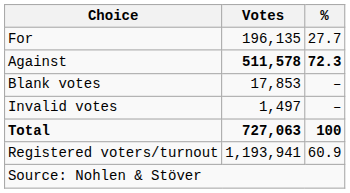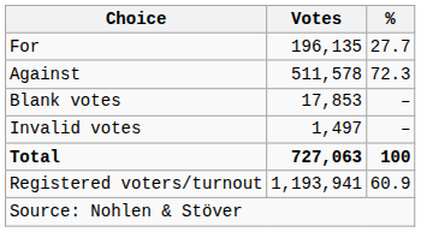 <table class=wikitable style=text-align:right>
 <tr>
 <th>Choice</th>
 <th>Votes</th>
 <th>%</th>
 </tr>
 <tr>
 <td align=left>For</td>
 <td>196,135</td>
 <td>27.7</td>
 </tr>
 <tr>
 <td align=left>Against</td>
-<td><strong>511,578</strong></td>
-<td><strong>72.3</strong></td>
+<td>511,578</td>
+<td>72.3</td>
 </tr>
 <tr>
 <td align=left>Blank votes</td>
 <td>17,853</td>
 <td>–</td>
 </tr>
 <tr>
 <td align=left>Invalid votes</td>
 <td>1,497</td>
 <td>–</td>
 </tr>
 <tr>
 <td align=left><strong>Total</strong></td>
 <td><strong>727,063</strong></td>
 <td><strong>100</strong></td>
 </tr>
 <tr>
 <td align=left>Registered voters/turnout</td>
 <td>1,193,941</td>
 <td>60.9</td>
 </tr>
 <tr>
 <td align=left colspan=3>Source: Nohlen & Stöver</td>
 </tr>
 </table>
